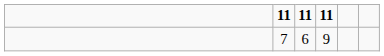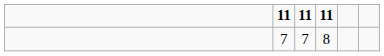 <table class="wikitable">
 <tr>
 <td style="width:18em"><strong></strong></td>
 <td align=center style="width:1em"><strong>11</strong></td>
 <td align=center style="width:1em"><strong>11</strong></td>
 <td align=center style="width:1em"><strong>11</strong></td>
 <td align=center style="width:1em"></td>
 <td align=center style="width:1em"></td>
 </tr>
 <tr>
 <td style="width:18em"></td>
 <td align=center style="width:1em">7</td>
-<td align=center style="width:1em">6</td>
-<td align=center style="width:1em">9</td>
+<td align=center style="width:1em">7</td>
+<td align=center style="width:1em">8</td>
 <td align=center style="width:1em"></td>
 <td align=center style="width:1em"></td>
 </tr>
 </table>
